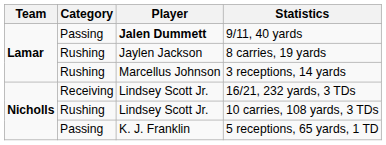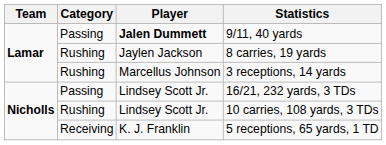 <table class="wikitable" style="float: left;">
 <tr>
 <th>Team</th>
 <th>Category</th>
 <th>Player</th>
 <th>Statistics</th>
 </tr>
 <tr>
 <td rowspan=3><strong>Lamar</strong></td>
 <td>Passing</td>
 <td><strong>Jalen Dummett</strong></td>
 <td>9/11, 40 yards</td>
 </tr>
 <tr>
 <td>Rushing</td>
 <td>Jaylen Jackson</td>
 <td>8 carries, 19 yards</td>
 </tr>
 <tr>
 <td>Rushing</td>
 <td>Marcellus Johnson</td>
 <td>3 receptions, 14 yards</td>
 </tr>
 <tr>
 <td rowspan=3><strong>Nicholls</strong></td>
-<td>Receiving</td>
+<td>Passing</td>
 <td>Lindsey Scott Jr.</td>
 <td>16/21, 232 yards, 3 TDs</td>
 </tr>
 <tr>
 <td>Rushing</td>
 <td>Lindsey Scott Jr.</td>
 <td>10 carries, 108 yards, 3 TDs</td>
 </tr>
 <tr>
-<td>Passing</td>
+<td>Receiving</td>
 <td>K. J. Franklin</td>
 <td>5 receptions, 65 yards, 1 TD</td>
 </tr>
 </table>
